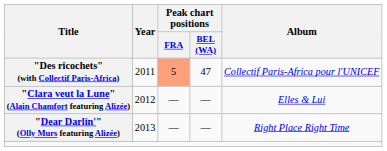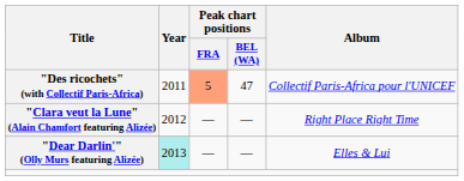 <table class="wikitable plainrowheaders" style="text-align:center;">
 <tr>
 <th rowspan="2">Title</th>
 <th rowspan="2">Year</th>
 <th colspan="2">Peak chart positions</th>
 <th rowspan="2">Album</th>
 </tr>
 <tr>
 <th scope="col" style="width:3em;font-size:90%;"><a href='#'>FRA</a><br></th>
 <th scope="col" style="width:3em;font-size:90%;"><a href='#'>BEL<br>(WA)</a><br></th>
 </tr>
 <tr>
 <th scope="row">"Des ricochets"<br><small>(with <a href='#'>Collectif Paris-Africa</a>)</small></th>
 <td>2011</td>
 <td style="background: lightsalmon;">5</td>
 <td>47</td>
 <td><em><a href='#'>Collectif Paris-Africa pour l'UNICEF</a></em></td>
 </tr>
 <tr>
 <th scope="row">"<a href='#'>Clara veut la Lune</a>"<br><small>(<a href='#'>Alain Chamfort</a> featuring <a href='#'>Alizée</a>)</small></th>
 <td>2012</td>
 <td>—</td>
 <td>—</td>
-<td><em><a href='#'>Elles & Lui</a></em></td>
+<td><em><a href='#'>Right Place Right Time</a></em></td>
 </tr>
 <tr>
 <th scope="row">"<a href='#'>Dear Darlin'</a>"<br><small>(<a href='#'>Olly Murs</a> featuring <a href='#'>Alizée</a>)</small></th>
-<td>2013</td>
+<td style="background: paleturquoise;">2013</td>
 <td>—</td>
 <td>—</td>
-<td><em><a href='#'>Right Place Right Time</a></em></td>
+<td><em><a href='#'>Elles & Lui</a></em></td>
 </tr>
 <tr>
 <td colspan="5"></td>
 </tr>
 </table>
